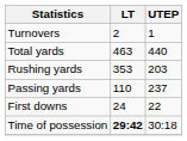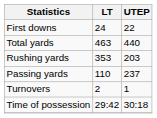 <table class="wikitable">
 <tr>
 <th>Statistics</th>
 <th>LT</th>
 <th>UTEP</th>
 </tr>
 <tr>
-<td>Turnovers</td>
-<td>2</td>
-<td>1</td>
+<td>First downs</td>
+<td>24</td>
+<td>22</td>
 </tr>
 <tr>
 <td>Total yards</td>
 <td>463</td>
 <td>440</td>
 </tr>
 <tr>
 <td>Rushing yards</td>
 <td>353</td>
 <td>203</td>
 </tr>
 <tr>
 <td>Passing yards</td>
 <td>110</td>
 <td>237</td>
 </tr>
 <tr>
-<td>First downs</td>
-<td>24</td>
-<td>22</td>
+<td>Turnovers</td>
+<td>2</td>
+<td>1</td>
 </tr>
 <tr>
 <td>Time of possession</td>
-<td><strong>29:42</strong></td>
+<td>29:42</td>
 <td>30:18</td>
 </tr>
 <tr>
 </tr>
 </table>
